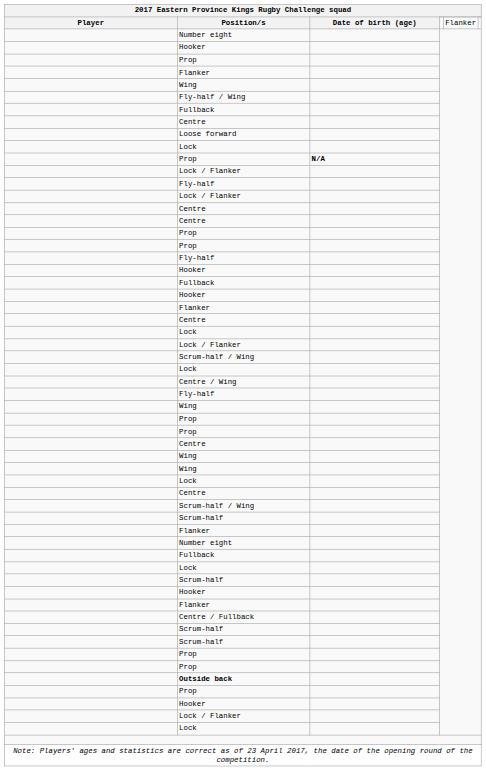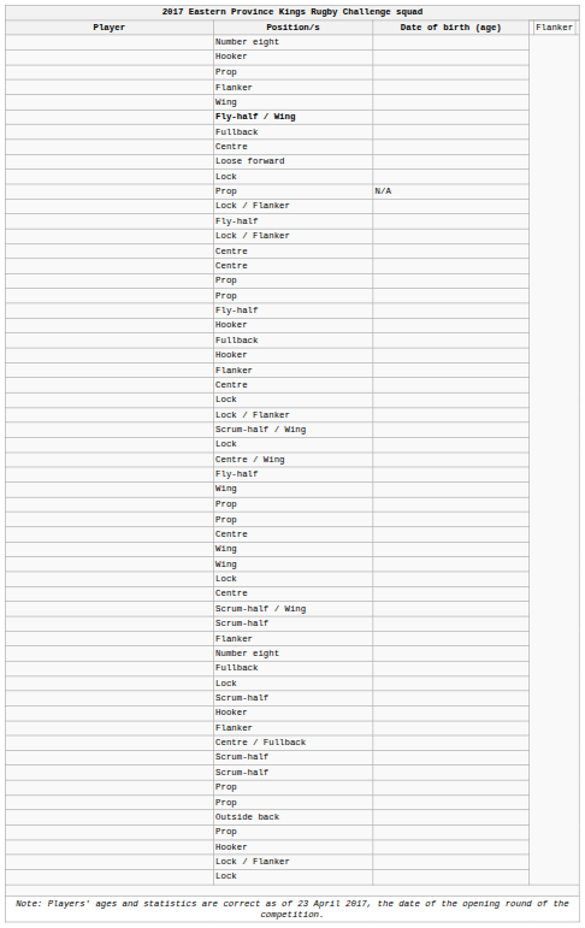 <table class="wikitable sortable" style="text-align:left; font-size:90%; width:60%;">
 <tr>
 <th colspan=100%>2017 Eastern Province Kings Rugby Challenge squad</th>
 </tr>
 <tr>
 <th style="width:40%;" rowspan=2>Player</th>
 <th style="width:30%;" rowspan=2>Position/s</th>
 <th style="width:30%;" rowspan=2>Date of birth (age)<br></th>
 </tr>
 <tr>
 <td></td>
 <td>Flanker</td>
 <td></td>
 </tr>
 <tr>
 <td></td>
 <td>Number eight</td>
 <td></td>
 </tr>
 <tr>
 <td></td>
 <td>Hooker</td>
 <td></td>
 </tr>
 <tr>
 <td></td>
 <td>Prop</td>
 <td></td>
 </tr>
 <tr>
 <td></td>
 <td>Flanker</td>
 <td></td>
 </tr>
 <tr>
 <td></td>
 <td>Wing</td>
 <td></td>
 </tr>
 <tr>
 <td></td>
-<td>Fly-half / Wing</td>
+<td><strong>Fly-half / Wing</strong></td>
 <td></td>
 </tr>
 <tr>
 <td></td>
 <td>Fullback</td>
 <td></td>
 </tr>
 <tr>
 <td></td>
 <td>Centre</td>
 <td></td>
 </tr>
 <tr>
 <td></td>
 <td>Loose forward</td>
 <td></td>
 </tr>
 <tr>
 <td></td>
 <td>Lock</td>
 <td></td>
 </tr>
 <tr>
 <td></td>
 <td>Prop</td>
-<td><strong>N/A</strong></td>
+<td>N/A</td>
 </tr>
 <tr>
 <td></td>
 <td>Lock / Flanker</td>
 <td></td>
 </tr>
 <tr>
 <td></td>
 <td>Fly-half</td>
 <td></td>
 </tr>
 <tr>
 <td></td>
 <td>Lock / Flanker</td>
 <td></td>
 </tr>
 <tr>
 <td></td>
 <td>Centre</td>
 <td></td>
 </tr>
 <tr>
 <td></td>
 <td>Centre</td>
 <td></td>
 </tr>
 <tr>
 <td></td>
 <td>Prop</td>
 <td></td>
 </tr>
 <tr>
 <td></td>
 <td>Prop</td>
 <td></td>
 </tr>
 <tr>
 <td></td>
 <td>Fly-half</td>
 <td></td>
 </tr>
 <tr>
 <td></td>
 <td>Hooker</td>
 <td></td>
 </tr>
 <tr>
 <td></td>
 <td>Fullback</td>
 <td></td>
 </tr>
 <tr>
 <td></td>
 <td>Hooker</td>
 <td></td>
 </tr>
 <tr>
 <td></td>
 <td>Flanker</td>
 <td></td>
 </tr>
 <tr>
 <td></td>
 <td>Centre</td>
 <td></td>
 </tr>
 <tr>
 <td></td>
 <td>Lock</td>
 <td></td>
 </tr>
 <tr>
 <td></td>
 <td>Lock / Flanker</td>
 <td></td>
 </tr>
 <tr>
 <td></td>
 <td>Scrum-half / Wing</td>
 <td></td>
 </tr>
 <tr>
 <td></td>
 <td>Lock</td>
 <td></td>
 </tr>
 <tr>
 <td></td>
 <td>Centre / Wing</td>
 <td></td>
 </tr>
 <tr>
 <td></td>
 <td>Fly-half</td>
 <td></td>
 </tr>
 <tr>
 <td></td>
 <td>Wing</td>
 <td></td>
 </tr>
 <tr>
 <td></td>
 <td>Prop</td>
 <td></td>
 </tr>
 <tr>
 <td></td>
 <td>Prop</td>
 <td></td>
 </tr>
 <tr>
 <td></td>
 <td>Centre</td>
 <td></td>
 </tr>
 <tr>
 <td></td>
 <td>Wing</td>
 <td></td>
 </tr>
 <tr>
 <td></td>
 <td>Wing</td>
 <td></td>
 </tr>
 <tr>
 <td></td>
 <td>Lock</td>
 <td></td>
 </tr>
 <tr>
 <td></td>
 <td>Centre</td>
 <td></td>
 </tr>
 <tr>
 <td></td>
 <td>Scrum-half / Wing</td>
 <td></td>
 </tr>
 <tr>
 <td></td>
 <td>Scrum-half</td>
 <td></td>
 </tr>
 <tr>
 <td></td>
 <td>Flanker</td>
 <td></td>
 </tr>
 <tr>
 <td></td>
 <td>Number eight</td>
 <td></td>
 </tr>
 <tr>
 <td></td>
 <td>Fullback</td>
 <td></td>
 </tr>
 <tr>
 <td></td>
 <td>Lock</td>
 <td></td>
 </tr>
 <tr>
 <td></td>
 <td>Scrum-half</td>
 <td></td>
 </tr>
 <tr>
 <td></td>
 <td>Hooker</td>
 <td></td>
 </tr>
 <tr>
 <td></td>
 <td>Flanker</td>
 <td></td>
 </tr>
 <tr>
 <td></td>
 <td>Centre / Fullback</td>
 <td></td>
 </tr>
 <tr>
 <td></td>
 <td>Scrum-half</td>
 <td></td>
 </tr>
 <tr>
 <td></td>
 <td>Scrum-half</td>
 <td></td>
 </tr>
 <tr>
 <td></td>
 <td>Prop</td>
 <td></td>
 </tr>
 <tr>
 <td></td>
 <td>Prop</td>
 <td></td>
 </tr>
 <tr>
 <td></td>
-<td><strong>Outside back</strong></td>
+<td>Outside back</td>
 <td></td>
 </tr>
 <tr>
 <td></td>
 <td>Prop</td>
 <td></td>
 </tr>
 <tr>
 <td></td>
 <td>Hooker</td>
 <td></td>
 </tr>
 <tr>
 <td></td>
 <td>Lock / Flanker</td>
 <td></td>
 </tr>
 <tr>
 <td></td>
 <td>Lock</td>
 <td></td>
 </tr>
 <tr>
 <td colspan="100%" style="height: 10px;"></td>
 </tr>
 <tr>
 <th colspan="100%" style="background:#FFFFFF; font-weight:normal;"><em>Note: Players' ages and statistics are correct as of 23 April 2017, the date of the opening round of the competition.</em></th>
 </tr>
 </table>
